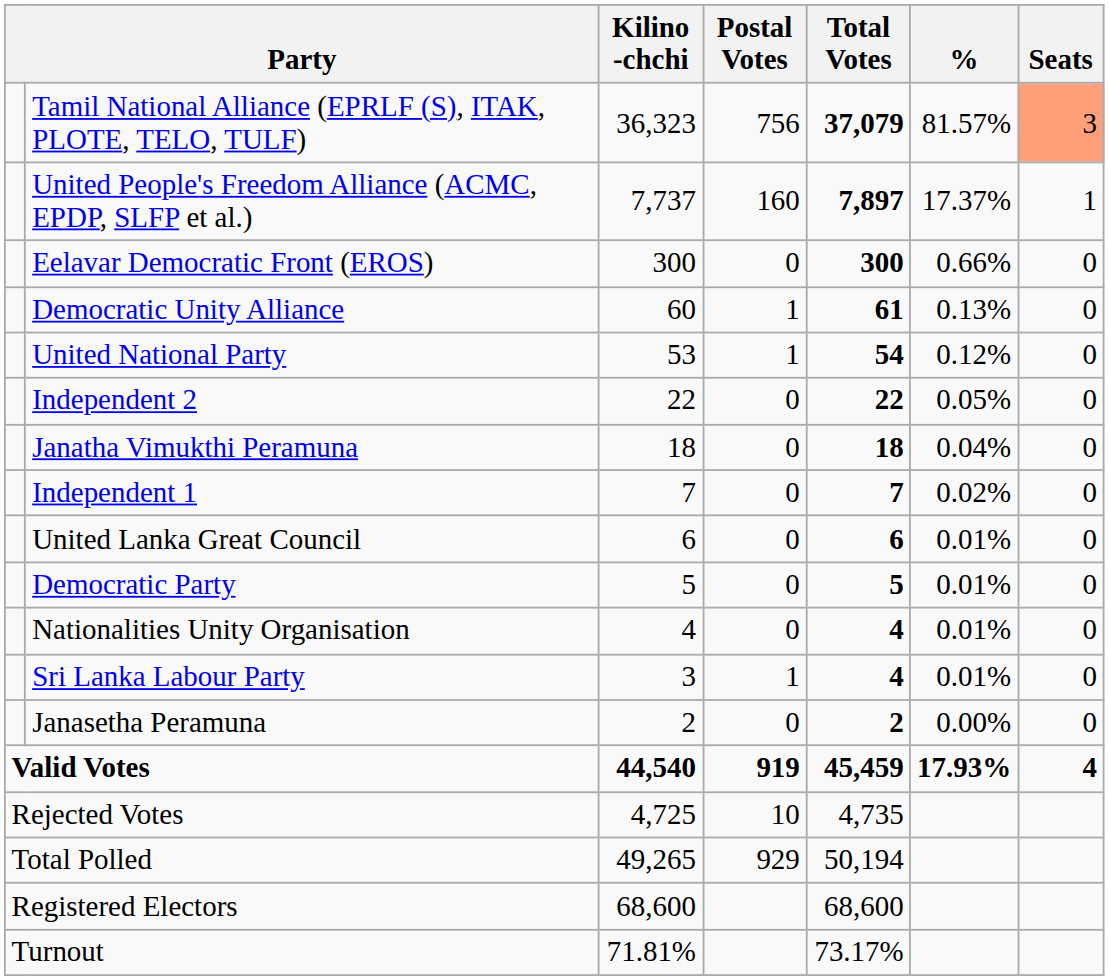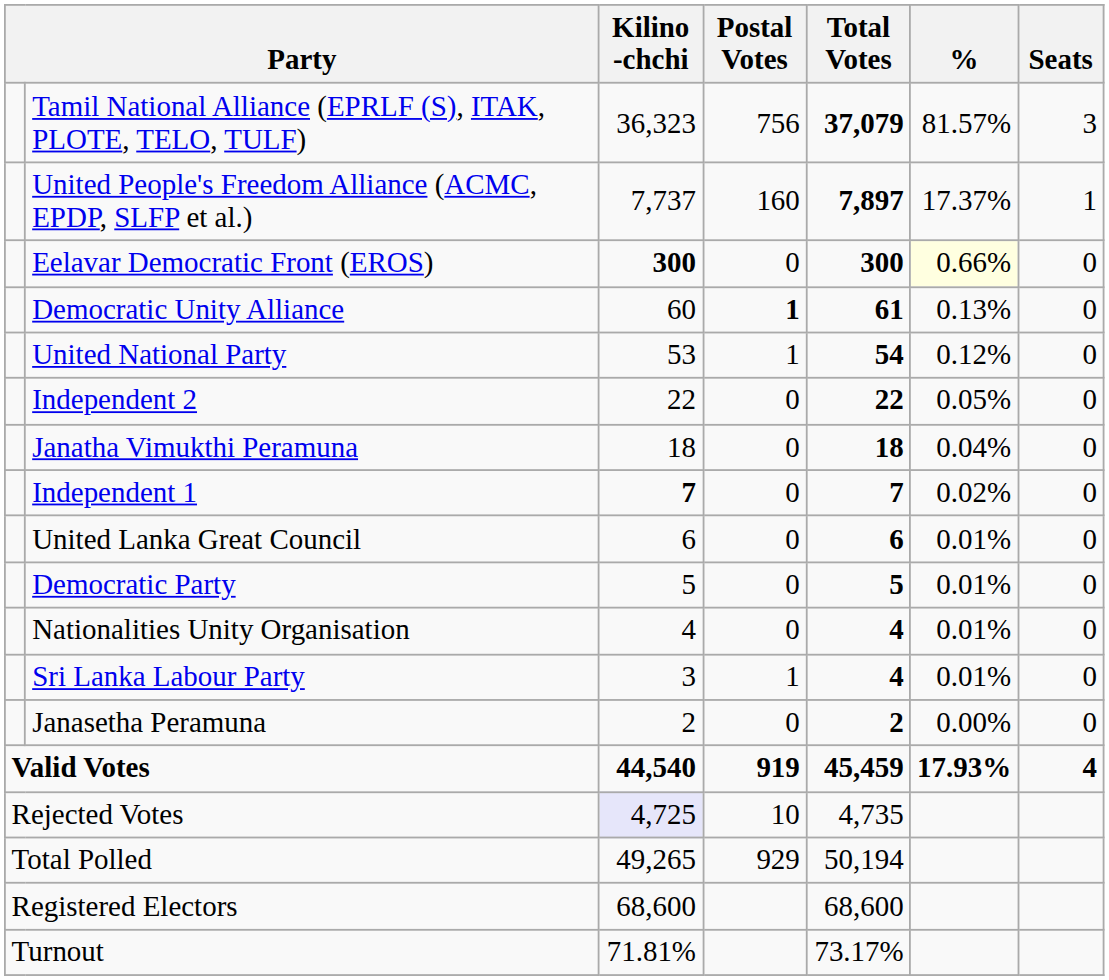 <table class="wikitable" border="1" style="text-align:right;">
 <tr>
 <th align=left valign=bottom colspan=2>Party</th>
 <th align=center valign=bottom width="50">Kilino<br>-chchi</th>
 <th align=center valign=bottom width="50">Postal<br>Votes</th>
 <th align=center valign=bottom width="50">Total Votes</th>
 <th align=center valign=bottom width="50">%</th>
 <th align=center valign=bottom width="40">Seats</th>
 </tr>
 <tr>
 <td bgcolor=> </td>
 <td align=left><a href='#'>Tamil National Alliance</a> (<a href='#'>EPRLF (S)</a>, <a href='#'>ITAK</a>, <a href='#'>PLOTE</a>, <a href='#'>TELO</a>, <a href='#'>TULF</a>)</td>
 <td>36,323</td>
 <td>756</td>
 <td><strong>37,079</strong></td>
 <td>81.57%</td>
-<td style="background: lightsalmon;">3</td>
+<td>3</td>
 </tr>
 <tr>
 <td bgcolor=> </td>
 <td align=left><a href='#'>United People's Freedom Alliance</a> (<a href='#'>ACMC</a>, <a href='#'>EPDP</a>, <a href='#'>SLFP</a> et al.)</td>
 <td>7,737</td>
 <td>160</td>
 <td><strong>7,897</strong></td>
 <td>17.37%</td>
 <td>1</td>
 </tr>
 <tr>
 <td bgcolor=> </td>
 <td align=left><a href='#'>Eelavar Democratic Front</a> (<a href='#'>EROS</a>)</td>
-<td>300</td>
+<td><strong>300</strong></td>
 <td>0</td>
 <td><strong>300</strong></td>
-<td>0.66%</td>
+<td style="background: lightyellow;">0.66%</td>
 <td>0</td>
 </tr>
 <tr>
 <td bgcolor=> </td>
 <td align=left><a href='#'>Democratic Unity Alliance</a></td>
 <td>60</td>
-<td>1</td>
+<td><strong>1</strong></td>
 <td><strong>61</strong></td>
 <td>0.13%</td>
 <td>0</td>
 </tr>
 <tr>
 <td bgcolor=> </td>
 <td align=left><a href='#'>United National Party</a></td>
 <td>53</td>
 <td>1</td>
 <td><strong>54</strong></td>
 <td>0.12%</td>
 <td>0</td>
 </tr>
 <tr>
 <td bgcolor=> </td>
 <td align=left><a href='#'>Independent 2</a></td>
 <td>22</td>
 <td>0</td>
 <td><strong>22</strong></td>
 <td>0.05%</td>
 <td>0</td>
 </tr>
 <tr>
 <td bgcolor=> </td>
 <td align=left><a href='#'>Janatha Vimukthi Peramuna</a></td>
 <td>18</td>
 <td>0</td>
 <td><strong>18</strong></td>
 <td>0.04%</td>
 <td>0</td>
 </tr>
 <tr>
 <td bgcolor=> </td>
 <td align=left><a href='#'>Independent 1</a></td>
-<td>7</td>
+<td><strong>7</strong></td>
 <td>0</td>
 <td><strong>7</strong></td>
 <td>0.02%</td>
 <td>0</td>
 </tr>
 <tr>
 <td></td>
 <td align=left>United Lanka Great Council</td>
 <td>6</td>
 <td>0</td>
 <td><strong>6</strong></td>
 <td>0.01%</td>
 <td>0</td>
 </tr>
 <tr>
 <td bgcolor=> </td>
 <td align=left><a href='#'>Democratic Party</a></td>
 <td>5</td>
 <td>0</td>
 <td><strong>5</strong></td>
 <td>0.01%</td>
 <td>0</td>
 </tr>
 <tr>
 <td></td>
 <td align=left>Nationalities Unity Organisation</td>
 <td>4</td>
 <td>0</td>
 <td><strong>4</strong></td>
 <td>0.01%</td>
 <td>0</td>
 </tr>
 <tr>
 <td></td>
 <td align=left><a href='#'>Sri Lanka Labour Party</a></td>
 <td>3</td>
 <td>1</td>
 <td><strong>4</strong></td>
 <td>0.01%</td>
 <td>0</td>
 </tr>
 <tr>
 <td></td>
 <td align=left>Janasetha Peramuna</td>
 <td>2</td>
 <td>0</td>
 <td><strong>2</strong></td>
 <td>0.00%</td>
 <td>0</td>
 </tr>
 <tr style="font-weight:bold">
 <td align=left colspan=2>Valid Votes</td>
 <td>44,540</td>
 <td>919</td>
 <td>45,459</td>
 <td>17.93%</td>
 <td>4</td>
 </tr>
 <tr>
 <td align=left colspan=2>Rejected Votes</td>
-<td>4,725</td>
+<td style="background: lavender;">4,725</td>
 <td>10</td>
 <td>4,735</td>
 <td></td>
 <td></td>
 </tr>
 <tr>
 <td align=left colspan=2>Total Polled</td>
 <td>49,265</td>
 <td>929</td>
 <td>50,194</td>
 <td></td>
 <td></td>
 </tr>
 <tr>
 <td align=left colspan=2>Registered Electors</td>
 <td>68,600</td>
 <td></td>
 <td>68,600</td>
 <td></td>
 <td></td>
 </tr>
 <tr>
 <td align=left colspan=2>Turnout</td>
 <td>71.81%</td>
 <td></td>
 <td>73.17%</td>
 <td></td>
 <td></td>
 </tr>
 </table>
